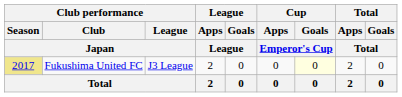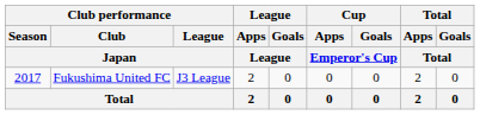 <table class="wikitable" style="text-align:center;">
 <tr>
 <th colspan=3>Club performance</th>
 <th colspan=2>League</th>
 <th colspan=2>Cup</th>
 <th colspan=2>Total</th>
 </tr>
 <tr>
 <th>Season</th>
 <th>Club</th>
 <th>League</th>
 <th>Apps</th>
 <th>Goals</th>
 <th>Apps</th>
 <th>Goals</th>
 <th>Apps</th>
 <th>Goals</th>
 </tr>
 <tr>
 <th colspan=3>Japan</th>
 <th colspan=2>League</th>
 <th colspan=2><a href='#'>Emperor's Cup</a></th>
 <th colspan=2>Total</th>
 </tr>
 <tr>
-<td style="background: khaki;"><a href='#'>2017</a></td>
+<td><a href='#'>2017</a></td>
 <td><a href='#'>Fukushima United FC</a></td>
 <td rowspan="1"><a href='#'>J3 League</a></td>
 <td>2</td>
 <td>0</td>
 <td>0</td>
-<td style="background: lightyellow;">0</td>
+<td>0</td>
 <td>2</td>
 <td>0</td>
 </tr>
 <tr>
 <th colspan=3>Total</th>
 <th>2</th>
 <th>0</th>
 <th>0</th>
 <th>0</th>
 <th>2</th>
 <th>0</th>
 </tr>
 </table>
